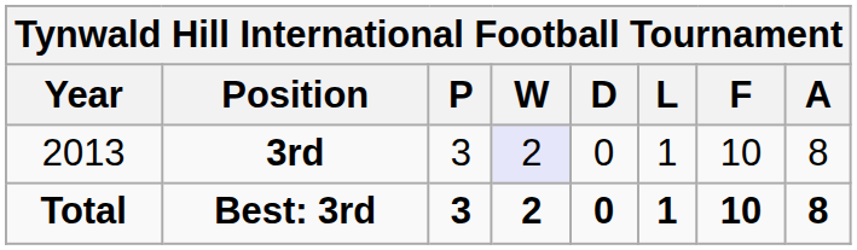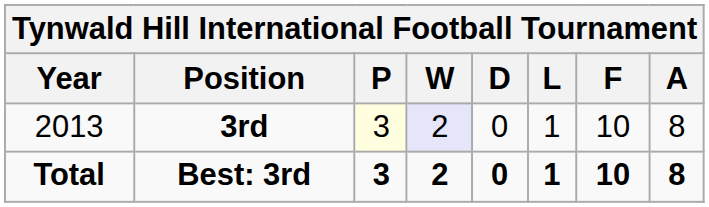 <table class="wikitable" style="text-align: center;">
 <tr>
 <th colspan=8>Tynwald Hill International Football Tournament</th>
 </tr>
 <tr>
 <th>Year</th>
 <th>Position</th>
 <th>P</th>
 <th>W</th>
 <th>D</th>
 <th>L</th>
 <th>F</th>
 <th>A</th>
 </tr>
 <tr>
 <td> 2013</td>
 <td><strong>3rd</strong></td>
-<td>3</td>
+<td style="background: lightyellow;">3</td>
 <td style="background: lavender;">2</td>
 <td>0</td>
 <td>1</td>
 <td>10</td>
 <td>8</td>
 </tr>
 <tr>
 <td><strong>Total</strong></td>
 <td><strong>Best: 3rd</strong></td>
 <td><strong>3</strong></td>
 <td><strong>2</strong></td>
 <td><strong>0</strong></td>
 <td><strong>1</strong></td>
 <td><strong>10</strong></td>
 <td><strong>8</strong></td>
 </tr>
 </table>
